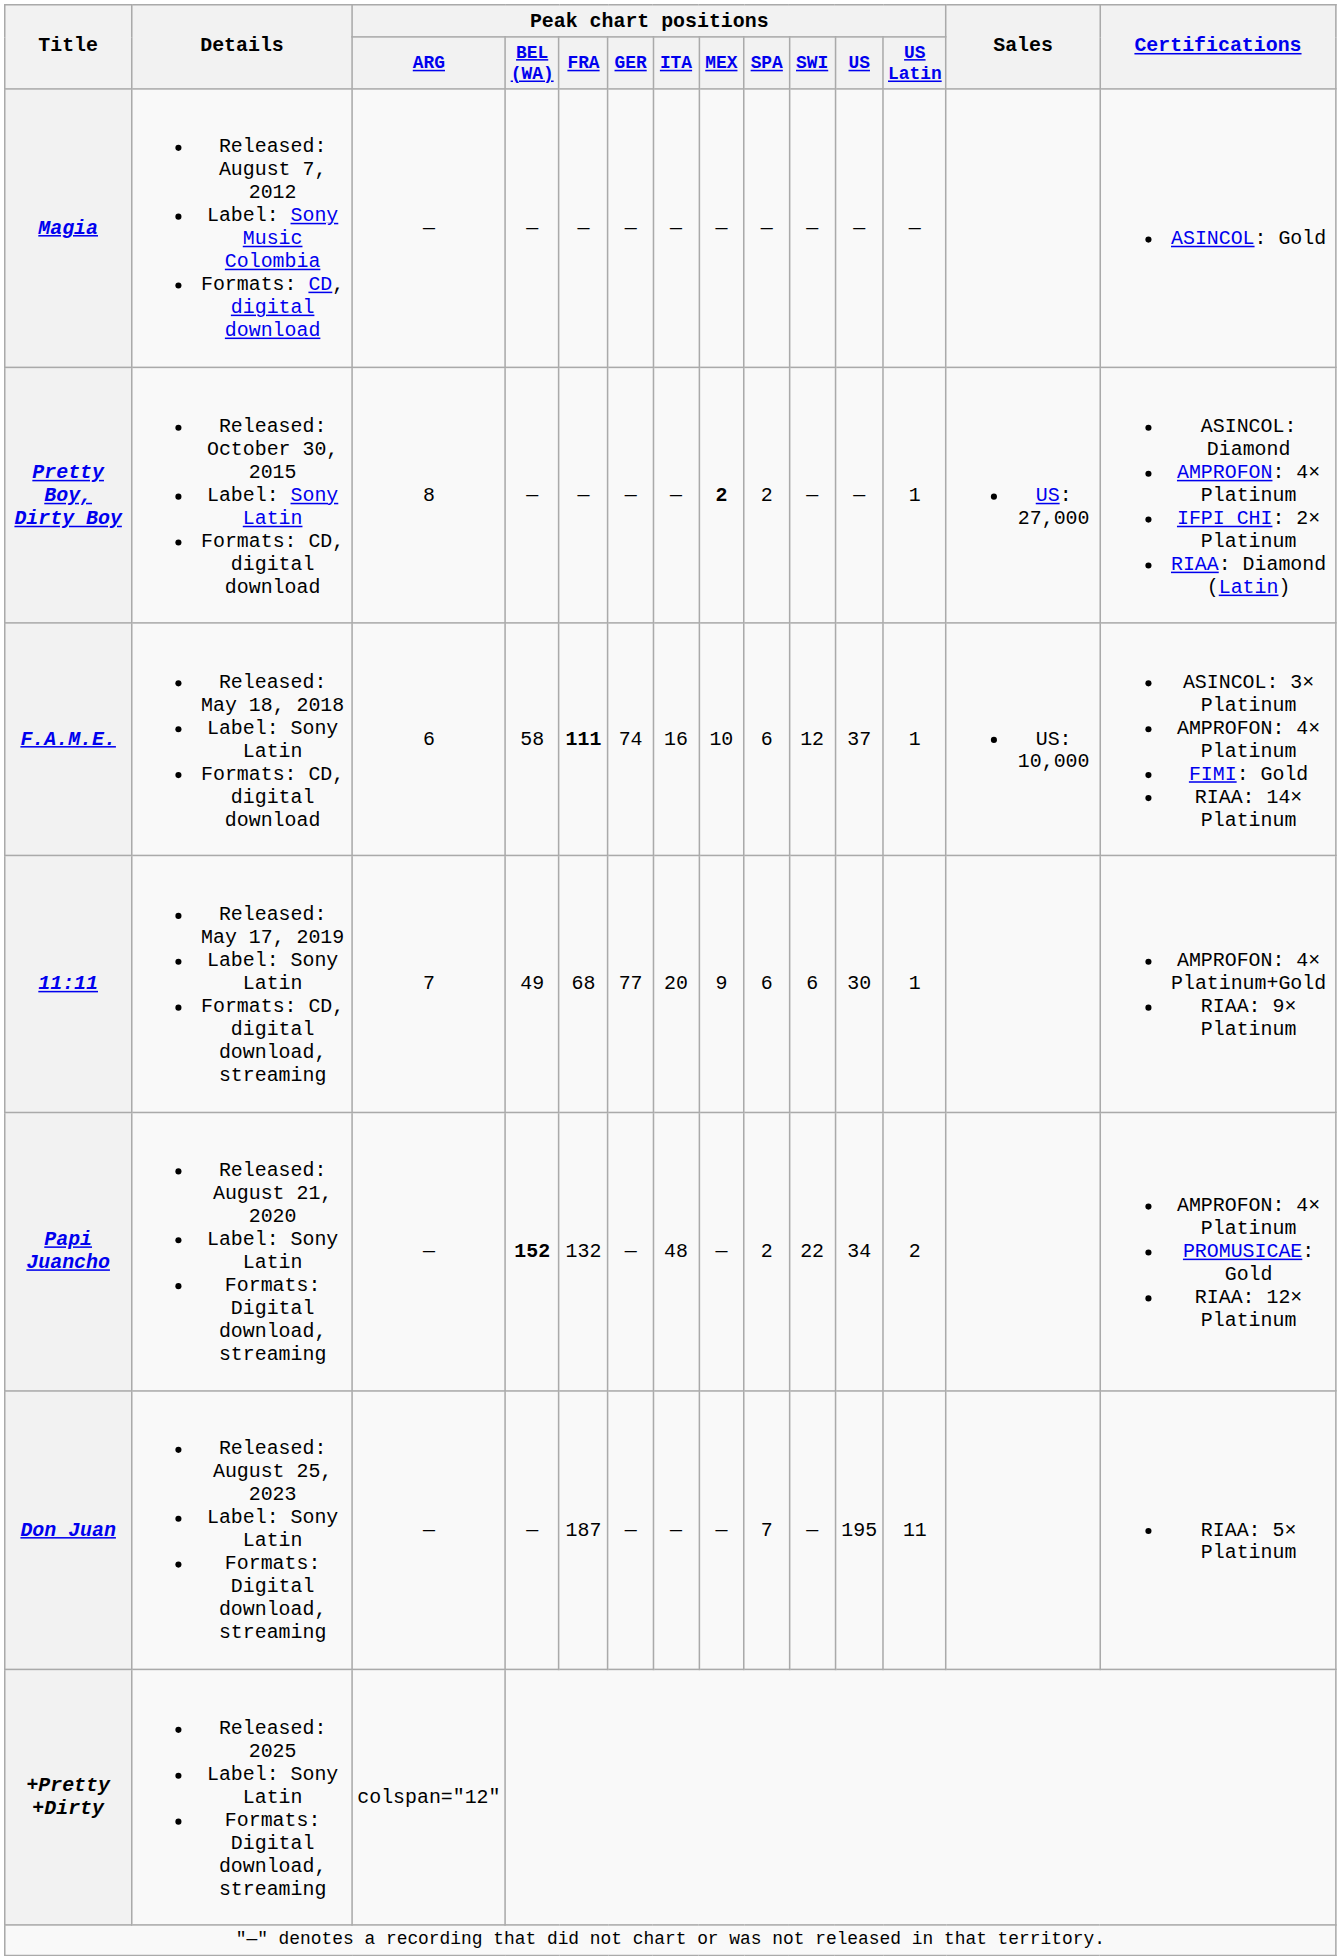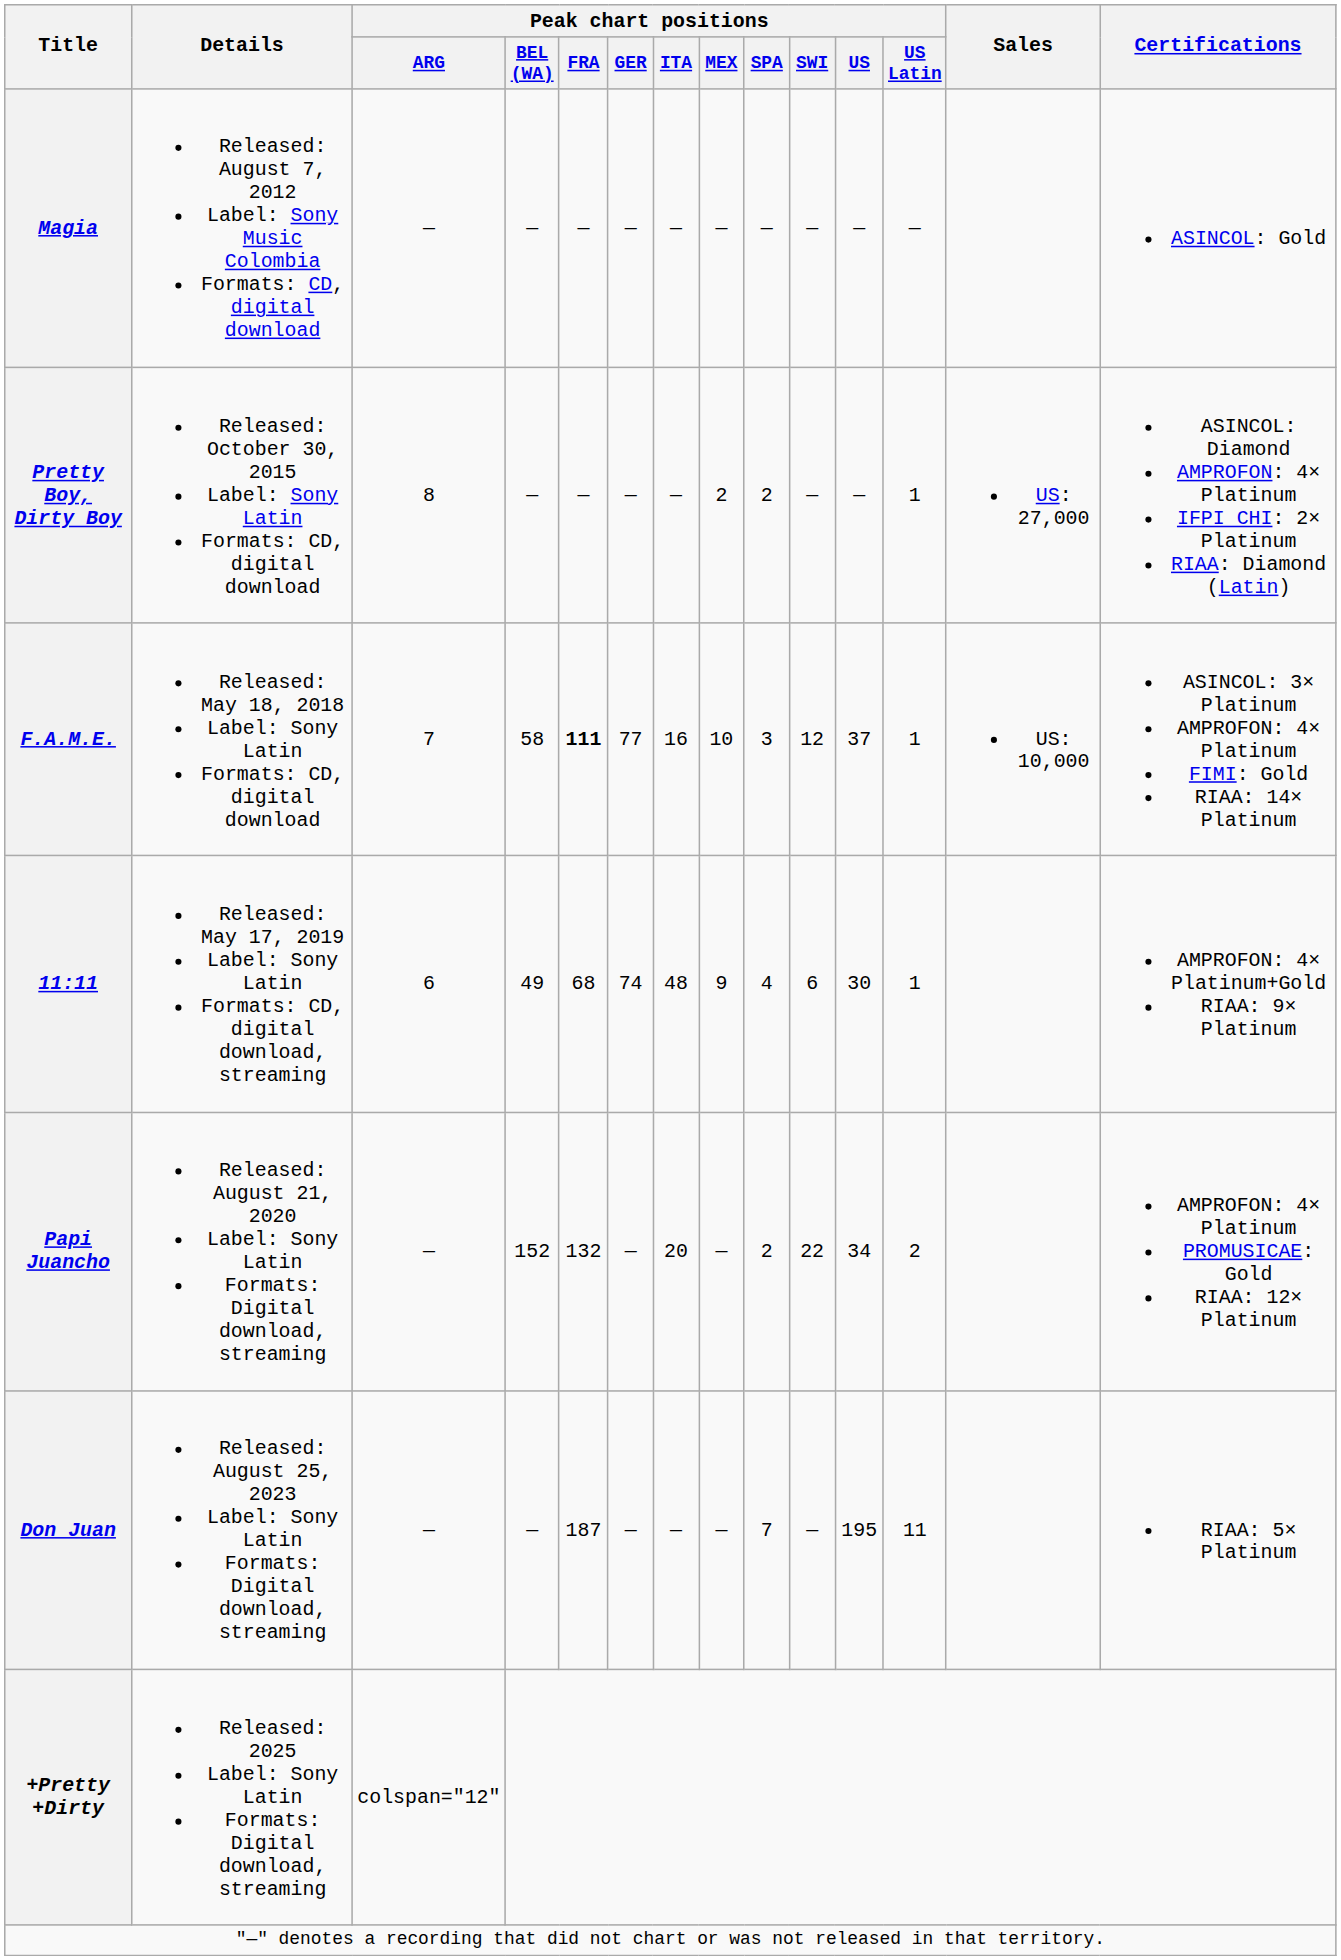 <table class="wikitable plainrowheaders" style="text-align:center;">
 <tr>
 <th scope="col" rowspan="2" style="width:10em;">Title</th>
 <th scope="col" rowspan="2" style="width:18.7em;">Details</th>
 <th scope="col" colspan="10">Peak chart positions</th>
 <th scope="col" rowspan="2" style="width:9.5em;">Sales</th>
 <th scope="col" rowspan="2" style="width:13.2em;"><a href='#'>Certifications</a></th>
 </tr>
 <tr>
 <th scope="col" style="width:3em;font-size:90%;"><a href='#'>ARG</a><br></th>
 <th scope="col" style="width:3em;font-size:90%;"><a href='#'>BEL<br>(WA)</a><br></th>
 <th scope="col" style="width:3em;font-size:90%;"><a href='#'>FRA</a><br></th>
 <th scope="col" style="width:3em;font-size:90%;"><a href='#'>GER</a><br></th>
 <th scope="col" style="width:3em;font-size:90%;"><a href='#'>ITA</a><br></th>
 <th scope="col" style="width:3em;font-size:90%;"><a href='#'>MEX</a><br></th>
 <th scope="col" style="width:3em;font-size:90%;"><a href='#'>SPA</a><br></th>
 <th scope="col" style="width:3em;font-size:90%;"><a href='#'>SWI</a><br></th>
 <th scope="col" style="width:3em;font-size:90%;"><a href='#'>US</a><br></th>
 <th scope="col" style="width:3em;font-size:90%;"><a href='#'>US<br>Latin</a><br></th>
 </tr>
 <tr>
 <th scope="row"><em><a href='#'>Magia</a></em></th>
 <td><br><ul><li>Released: August 7, 2012</li><li>Label: <a href='#'>Sony Music Colombia</a></li><li>Formats: <a href='#'>CD</a>, <a href='#'>digital download</a></li></ul></td>
 <td>—</td>
 <td>—</td>
 <td>—</td>
 <td>—</td>
 <td>—</td>
 <td>—</td>
 <td>—</td>
 <td>—</td>
 <td>—</td>
 <td>—</td>
 <td></td>
 <td><br><ul><li><a href='#'>ASINCOL</a>: Gold</li></ul></td>
 </tr>
 <tr>
 <th scope="row"><em><a href='#'>Pretty Boy, Dirty Boy</a></em></th>
 <td><br><ul><li>Released: October 30, 2015</li><li>Label: <a href='#'>Sony Latin</a></li><li>Formats: CD, digital download</li></ul></td>
 <td>8</td>
 <td>—</td>
 <td>—</td>
 <td>—</td>
 <td>—</td>
-<td><strong>2</strong></td>
+<td>2</td>
 <td>2</td>
 <td>—</td>
 <td>—</td>
 <td>1</td>
 <td><br><ul><li><a href='#'>US</a>: 27,000</li></ul></td>
 <td><br><ul><li>ASINCOL: Diamond</li><li><a href='#'>AMPROFON</a>: 4× Platinum</li><li><a href='#'>IFPI CHI</a>: 2× Platinum</li><li><a href='#'>RIAA</a>: Diamond (<a href='#'>Latin</a>)</li></ul></td>
 </tr>
 <tr>
 <th scope="row"><em><a href='#'>F.A.M.E.</a></em></th>
 <td><br><ul><li>Released: May 18, 2018</li><li>Label: Sony Latin</li><li>Formats: CD, digital download</li></ul></td>
-<td>6</td>
+<td>7</td>
 <td>58</td>
 <td><strong>111</strong></td>
-<td>74</td>
+<td>77</td>
 <td>16</td>
 <td>10</td>
-<td>6</td>
+<td>3</td>
 <td>12</td>
 <td>37</td>
 <td>1</td>
 <td><br><ul><li>US: 10,000</li></ul></td>
 <td><br><ul><li>ASINCOL: 3× Platinum</li><li>AMPROFON: 4× Platinum</li><li><a href='#'>FIMI</a>: Gold</li><li>RIAA: 14× Platinum </li></ul></td>
 </tr>
 <tr>
 <th scope="row"><em><a href='#'>11:11</a></em></th>
 <td><br><ul><li>Released: May 17, 2019</li><li>Label: Sony Latin</li><li>Formats: CD, digital download, streaming</li></ul></td>
-<td>7</td>
+<td>6</td>
 <td>49</td>
 <td>68</td>
-<td>77</td>
-<td>20</td>
+<td>74</td>
+<td>48</td>
 <td>9</td>
-<td>6</td>
+<td>4</td>
 <td>6</td>
 <td>30</td>
 <td>1</td>
 <td></td>
 <td><br><ul><li>AMPROFON: 4× Platinum+Gold</li><li>RIAA: 9× Platinum </li></ul></td>
 </tr>
 <tr>
 <th scope="row"><em><a href='#'>Papi Juancho</a></em></th>
 <td><br><ul><li>Released: August 21, 2020</li><li>Label: Sony Latin</li><li>Formats: Digital download, streaming</li></ul></td>
 <td>—</td>
-<td><strong>152</strong></td>
+<td>152</td>
 <td>132</td>
 <td>—</td>
-<td>48</td>
+<td>20</td>
 <td>—</td>
 <td>2</td>
 <td>22</td>
 <td>34</td>
 <td>2</td>
 <td></td>
 <td><br><ul><li>AMPROFON: 4× Platinum</li><li><a href='#'>PROMUSICAE</a>: Gold</li><li>RIAA: 12× Platinum </li></ul></td>
 </tr>
 <tr>
 <th scope="row"><em><a href='#'>Don Juan</a></em></th>
 <td><br><ul><li>Released: August 25, 2023</li><li>Label: Sony Latin</li><li>Formats: Digital download, streaming</li></ul></td>
 <td>—</td>
 <td>—</td>
 <td>187</td>
 <td>—</td>
 <td>—</td>
 <td>—</td>
 <td>7</td>
 <td>—</td>
 <td>195</td>
 <td>11</td>
 <td></td>
 <td><br><ul><li>RIAA: 5× Platinum </li></ul></td>
 </tr>
 <tr>
 <th scope="row"><em>+Pretty +Dirty</em></th>
 <td><br><ul><li>Released: 2025</li><li>Label: Sony Latin</li><li>Formats: Digital download, streaming</li></ul></td>
 <td>colspan="12" </td>
 </tr>
 <tr>
 <td colspan="15" style="font-size:90%">"—" denotes a recording that did not chart or was not released in that territory.</td>
 </tr>
 </table>
